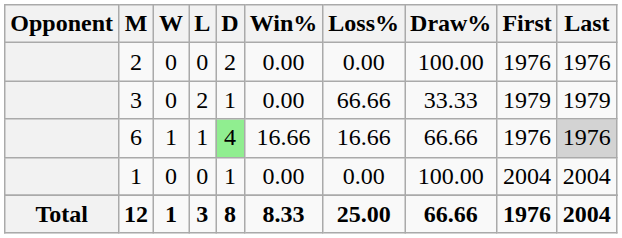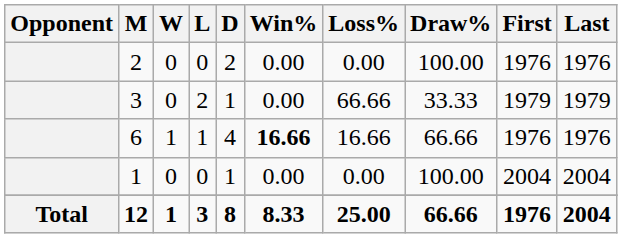 <table class="wikitable plainrowheaders sortable" style="text-align:center">
 <tr>
 <th scope="col">Opponent</th>
 <th scope="col">M</th>
 <th scope="col">W</th>
 <th scope="col">L</th>
 <th scope="col">D</th>
 <th scope="col">Win%</th>
 <th scope="col">Loss%</th>
 <th scope="col">Draw%</th>
 <th scope="col">First</th>
 <th scope="col">Last</th>
 </tr>
 <tr>
 <th scope="row"></th>
 <td>2</td>
 <td>0</td>
 <td>0</td>
 <td>2</td>
 <td>0.00</td>
 <td>0.00</td>
 <td>100.00</td>
 <td>1976</td>
 <td>1976</td>
 </tr>
 <tr>
 <th scope="row"></th>
 <td>3</td>
 <td>0</td>
 <td>2</td>
 <td>1</td>
 <td>0.00</td>
 <td>66.66</td>
 <td>33.33</td>
 <td>1979</td>
 <td>1979</td>
 </tr>
 <tr>
 <th scope="row"></th>
 <td>6</td>
 <td>1</td>
 <td>1</td>
-<td style="background: lightgreen;">4</td>
-<td>16.66</td>
+<td>4</td>
+<td><strong>16.66</strong></td>
 <td>16.66</td>
 <td>66.66</td>
 <td>1976</td>
-<td style="background: lightgrey;">1976</td>
+<td>1976</td>
 </tr>
 <tr>
 <th scope="row"></th>
 <td>1</td>
 <td>0</td>
 <td>0</td>
 <td>1</td>
 <td>0.00</td>
 <td>0.00</td>
 <td>100.00</td>
 <td>2004</td>
 <td>2004</td>
 </tr>
 <tr>
 </tr>
 <tr class="sortbottom">
 <th scope="row" style="text-align:center"><strong>Total</strong></th>
 <td><strong>12</strong></td>
 <td><strong>1</strong></td>
 <td><strong>3</strong></td>
 <td><strong>8</strong></td>
 <td><strong>8.33</strong></td>
 <td><strong>25.00</strong></td>
 <td><strong>66.66</strong></td>
 <td><strong>1976</strong></td>
 <td><strong>2004</strong></td>
 </tr>
 </table>
